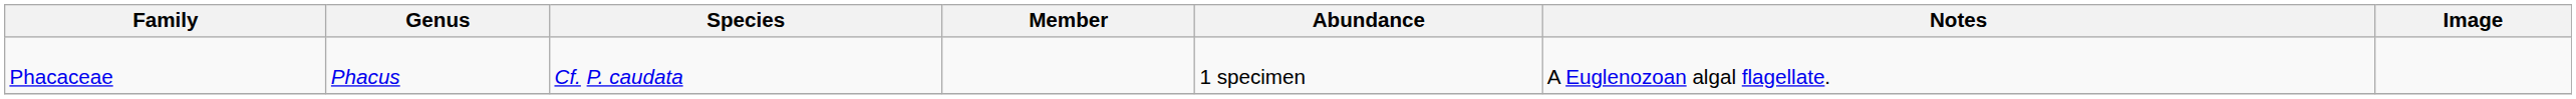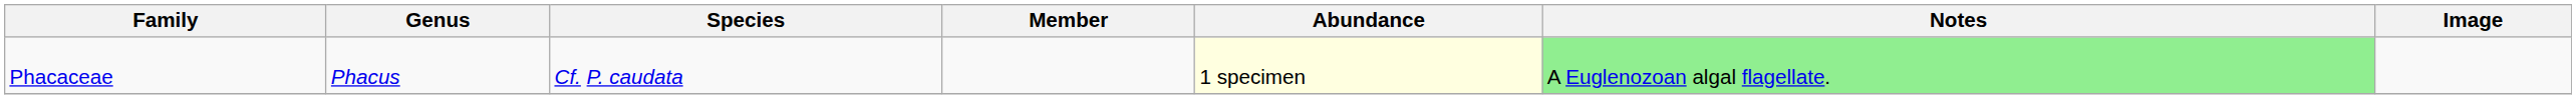 <table class="wikitable" style="margin:auto;width:100%;">
 <tr>
 <th>Family</th>
 <th>Genus</th>
 <th>Species</th>
 <th>Member</th>
 <th>Abundance</th>
 <th>Notes</th>
 <th>Image</th>
 </tr>
 <tr>
 <td><br><a href='#'>Phacaceae</a></td>
 <td><br><em><a href='#'>Phacus</a></em></td>
 <td><br><em><a href='#'>Cf.</a></em> <em><a href='#'>P. caudata</a></em> </td>
 <td></td>
-<td><br>1 specimen</td>
-<td><br>A <a href='#'>Euglenozoan</a> algal <a href='#'>flagellate</a>.</td>
+<td style="background: lightyellow;"><br>1 specimen</td>
+<td style="background: lightgreen;"><br>A <a href='#'>Euglenozoan</a> algal <a href='#'>flagellate</a>.</td>
 <td><br></td>
 </tr>
 <tr>
 </tr>
 </table>
